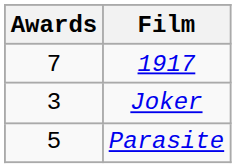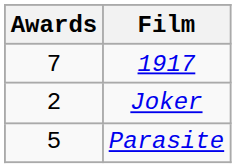 <table class="wikitable" style="text-align:center;">
 <tr>
 <th style="background:">Awards</th>
 <th style="background:">Film</th>
 </tr>
 <tr>
 <td>7</td>
 <td><em><a href='#'>1917</a></em></td>
 </tr>
 <tr>
-<td>3</td>
+<td>2</td>
 <td><em><a href='#'>Joker</a></em></td>
 </tr>
 <tr>
 <td>5</td>
 <td><em><a href='#'>Parasite</a></em></td>
 </tr>
 </table>
